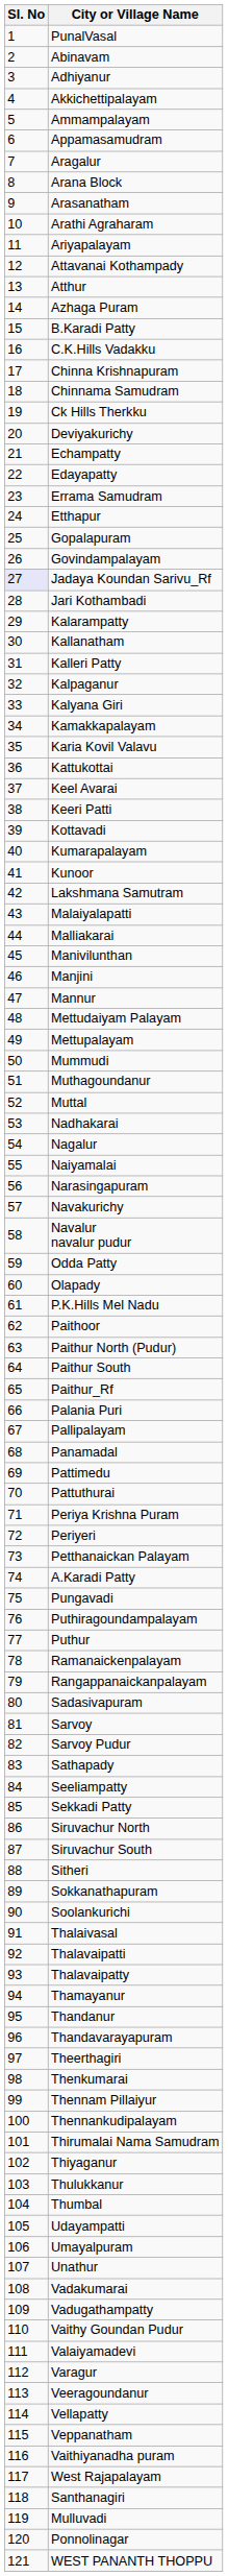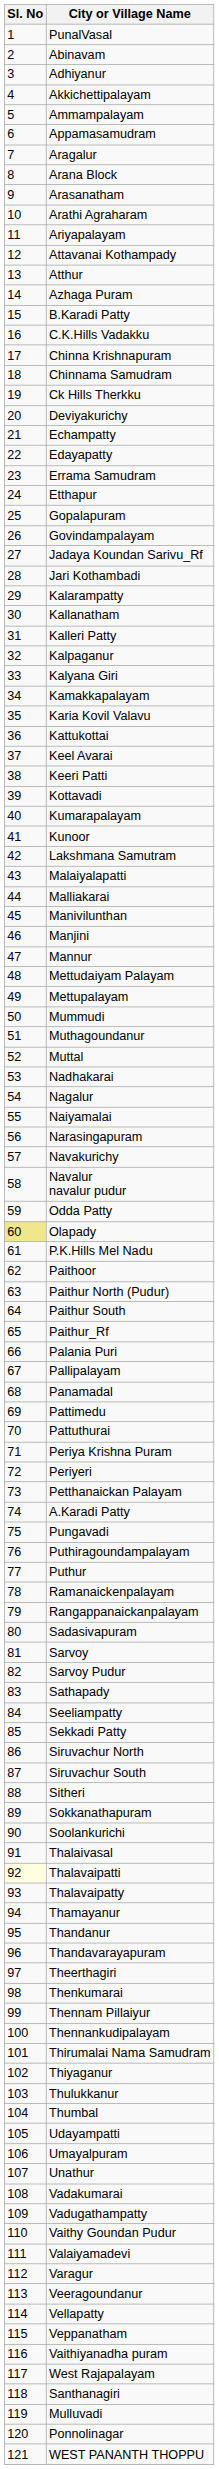 <table class="wikitable sortable">
 <tr>
 <th>Sl. No</th>
 <th>City or Village Name</th>
 </tr>
 <tr>
 <td>1</td>
 <td>PunalVasal</td>
 </tr>
 <tr>
 <td>2</td>
 <td>Abinavam</td>
 </tr>
 <tr>
 <td>3</td>
 <td>Adhiyanur</td>
 </tr>
 <tr>
 <td>4</td>
 <td>Akkichettipalayam</td>
 </tr>
 <tr>
 <td>5</td>
 <td>Ammampalayam</td>
 </tr>
 <tr>
 <td>6</td>
 <td>Appamasamudram</td>
 </tr>
 <tr>
 <td>7</td>
 <td>Aragalur</td>
 </tr>
 <tr>
 <td>8</td>
 <td>Arana Block</td>
 </tr>
 <tr>
 <td>9</td>
 <td>Arasanatham</td>
 </tr>
 <tr>
 <td>10</td>
 <td>Arathi Agraharam</td>
 </tr>
 <tr>
 <td>11</td>
 <td>Ariyapalayam</td>
 </tr>
 <tr>
 <td>12</td>
 <td>Attavanai Kothampady</td>
 </tr>
 <tr>
 <td>13</td>
 <td>Atthur</td>
 </tr>
 <tr>
 <td>14</td>
 <td>Azhaga Puram</td>
 </tr>
 <tr>
 <td>15</td>
 <td>B.Karadi Patty</td>
 </tr>
 <tr>
 <td>16</td>
 <td>C.K.Hills Vadakku</td>
 </tr>
 <tr>
 <td>17</td>
 <td>Chinna Krishnapuram</td>
 </tr>
 <tr>
 <td>18</td>
 <td>Chinnama Samudram</td>
 </tr>
 <tr>
 <td>19</td>
 <td>Ck Hills Therkku</td>
 </tr>
 <tr>
 <td>20</td>
 <td>Deviyakurichy</td>
 </tr>
 <tr>
 <td>21</td>
 <td>Echampatty</td>
 </tr>
 <tr>
 <td>22</td>
 <td>Edayapatty</td>
 </tr>
 <tr>
 <td>23</td>
 <td>Errama Samudram</td>
 </tr>
 <tr>
 <td>24</td>
 <td>Etthapur</td>
 </tr>
 <tr>
 <td>25</td>
 <td>Gopalapuram</td>
 </tr>
 <tr>
 <td>26</td>
 <td>Govindampalayam</td>
 </tr>
 <tr>
-<td style="background: lavender;">27</td>
+<td>27</td>
 <td>Jadaya Koundan Sarivu_Rf</td>
 </tr>
 <tr>
 <td>28</td>
 <td>Jari Kothambadi</td>
 </tr>
 <tr>
 <td>29</td>
 <td>Kalarampatty</td>
 </tr>
 <tr>
 <td>30</td>
 <td>Kallanatham</td>
 </tr>
 <tr>
 <td>31</td>
 <td>Kalleri Patty</td>
 </tr>
 <tr>
 <td>32</td>
 <td>Kalpaganur</td>
 </tr>
 <tr>
 <td>33</td>
 <td>Kalyana Giri</td>
 </tr>
 <tr>
 <td>34</td>
 <td>Kamakkapalayam</td>
 </tr>
 <tr>
 <td>35</td>
 <td>Karia Kovil Valavu</td>
 </tr>
 <tr>
 <td>36</td>
 <td>Kattukottai</td>
 </tr>
 <tr>
 <td>37</td>
 <td>Keel Avarai</td>
 </tr>
 <tr>
 <td>38</td>
 <td>Keeri Patti</td>
 </tr>
 <tr>
 <td>39</td>
 <td>Kottavadi</td>
 </tr>
 <tr>
 <td>40</td>
 <td>Kumarapalayam</td>
 </tr>
 <tr>
 <td>41</td>
 <td>Kunoor</td>
 </tr>
 <tr>
 <td>42</td>
 <td>Lakshmana Samutram</td>
 </tr>
 <tr>
 <td>43</td>
 <td>Malaiyalapatti</td>
 </tr>
 <tr>
 <td>44</td>
 <td>Malliakarai</td>
 </tr>
 <tr>
 <td>45</td>
 <td>Manivilunthan</td>
 </tr>
 <tr>
 <td>46</td>
 <td>Manjini</td>
 </tr>
 <tr>
 <td>47</td>
 <td>Mannur</td>
 </tr>
 <tr>
 <td>48</td>
 <td>Mettudaiyam Palayam</td>
 </tr>
 <tr>
 <td>49</td>
 <td>Mettupalayam</td>
 </tr>
 <tr>
 <td>50</td>
 <td>Mummudi</td>
 </tr>
 <tr>
 <td>51</td>
 <td>Muthagoundanur</td>
 </tr>
 <tr>
 <td>52</td>
 <td>Muttal</td>
 </tr>
 <tr>
 <td>53</td>
 <td>Nadhakarai</td>
 </tr>
 <tr>
 <td>54</td>
 <td>Nagalur</td>
 </tr>
 <tr>
 <td>55</td>
 <td>Naiyamalai</td>
 </tr>
 <tr>
 <td>56</td>
 <td>Narasingapuram</td>
 </tr>
 <tr>
 <td>57</td>
 <td>Navakurichy</td>
 </tr>
 <tr>
 <td>58</td>
 <td>Navalur<br>navalur pudur</td>
 </tr>
 <tr>
 <td>59</td>
 <td>Odda Patty</td>
 </tr>
 <tr>
-<td>60</td>
+<td style="background: khaki;">60</td>
 <td>Olapady</td>
 </tr>
 <tr>
 <td>61</td>
 <td>P.K.Hills Mel Nadu</td>
 </tr>
 <tr>
 <td>62</td>
 <td>Paithoor</td>
 </tr>
 <tr>
 <td>63</td>
 <td>Paithur North (Pudur)</td>
 </tr>
 <tr>
 <td>64</td>
 <td>Paithur South</td>
 </tr>
 <tr>
 <td>65</td>
 <td>Paithur_Rf</td>
 </tr>
 <tr>
 <td>66</td>
 <td>Palania Puri</td>
 </tr>
 <tr>
 <td>67</td>
 <td>Pallipalayam</td>
 </tr>
 <tr>
 <td>68</td>
 <td>Panamadal</td>
 </tr>
 <tr>
 <td>69</td>
 <td>Pattimedu</td>
 </tr>
 <tr>
 <td>70</td>
 <td>Pattuthurai</td>
 </tr>
 <tr>
 <td>71</td>
 <td>Periya Krishna Puram</td>
 </tr>
 <tr>
 <td>72</td>
 <td>Periyeri</td>
 </tr>
 <tr>
 <td>73</td>
 <td>Petthanaickan Palayam</td>
 </tr>
 <tr>
 <td>74</td>
 <td>A.Karadi Patty</td>
 </tr>
 <tr>
 <td>75</td>
 <td>Pungavadi</td>
 </tr>
 <tr>
 <td>76</td>
 <td>Puthiragoundampalayam</td>
 </tr>
 <tr>
 <td>77</td>
 <td>Puthur</td>
 </tr>
 <tr>
 <td>78</td>
 <td>Ramanaickenpalayam</td>
 </tr>
 <tr>
 <td>79</td>
 <td>Rangappanaickanpalayam</td>
 </tr>
 <tr>
 <td>80</td>
 <td>Sadasivapuram</td>
 </tr>
 <tr>
 <td>81</td>
 <td>Sarvoy</td>
 </tr>
 <tr>
 <td>82</td>
 <td>Sarvoy Pudur</td>
 </tr>
 <tr>
 <td>83</td>
 <td>Sathapady</td>
 </tr>
 <tr>
 <td>84</td>
 <td>Seeliampatty</td>
 </tr>
 <tr>
 <td>85</td>
 <td>Sekkadi Patty</td>
 </tr>
 <tr>
 <td>86</td>
 <td>Siruvachur North</td>
 </tr>
 <tr>
 <td>87</td>
 <td>Siruvachur South</td>
 </tr>
 <tr>
 <td>88</td>
 <td>Sitheri</td>
 </tr>
 <tr>
 <td>89</td>
 <td>Sokkanathapuram</td>
 </tr>
 <tr>
 <td>90</td>
 <td>Soolankurichi</td>
 </tr>
 <tr>
 <td>91</td>
 <td>Thalaivasal</td>
 </tr>
 <tr>
-<td>92</td>
+<td style="background: lightyellow;">92</td>
 <td>Thalavaipatti</td>
 </tr>
 <tr>
 <td>93</td>
 <td>Thalavaipatty</td>
 </tr>
 <tr>
 <td>94</td>
 <td>Thamayanur</td>
 </tr>
 <tr>
 <td>95</td>
 <td>Thandanur</td>
 </tr>
 <tr>
 <td>96</td>
 <td>Thandavarayapuram</td>
 </tr>
 <tr>
 <td>97</td>
 <td>Theerthagiri</td>
 </tr>
 <tr>
 <td>98</td>
 <td>Thenkumarai</td>
 </tr>
 <tr>
 <td>99</td>
 <td>Thennam Pillaiyur</td>
 </tr>
 <tr>
 <td>100</td>
 <td>Thennankudipalayam</td>
 </tr>
 <tr>
 <td>101</td>
 <td>Thirumalai Nama Samudram</td>
 </tr>
 <tr>
 <td>102</td>
 <td>Thiyaganur</td>
 </tr>
 <tr>
 <td>103</td>
 <td>Thulukkanur</td>
 </tr>
 <tr>
 <td>104</td>
 <td>Thumbal</td>
 </tr>
 <tr>
 <td>105</td>
 <td>Udayampatti</td>
 </tr>
 <tr>
 <td>106</td>
 <td>Umayalpuram</td>
 </tr>
 <tr>
 <td>107</td>
 <td>Unathur</td>
 </tr>
 <tr>
 <td>108</td>
 <td>Vadakumarai</td>
 </tr>
 <tr>
 <td>109</td>
 <td>Vadugathampatty</td>
 </tr>
 <tr>
 <td>110</td>
 <td>Vaithy Goundan Pudur</td>
 </tr>
 <tr>
 <td>111</td>
 <td>Valaiyamadevi</td>
 </tr>
 <tr>
 <td>112</td>
 <td>Varagur</td>
 </tr>
 <tr>
 <td>113</td>
 <td>Veeragoundanur</td>
 </tr>
 <tr>
 <td>114</td>
 <td>Vellapatty</td>
 </tr>
 <tr>
 <td>115</td>
 <td>Veppanatham</td>
 </tr>
 <tr>
 <td>116</td>
 <td>Vaithiyanadha puram</td>
 </tr>
 <tr>
 <td>117</td>
 <td>West Rajapalayam</td>
 </tr>
 <tr>
 <td>118</td>
 <td>Santhanagiri</td>
 </tr>
 <tr>
 <td>119</td>
 <td>Mulluvadi</td>
 </tr>
 <tr>
 <td>120</td>
 <td>Ponnolinagar</td>
 </tr>
 <tr>
 <td>121</td>
 <td>WEST PANANTH THOPPU</td>
 </tr>
 </table>
